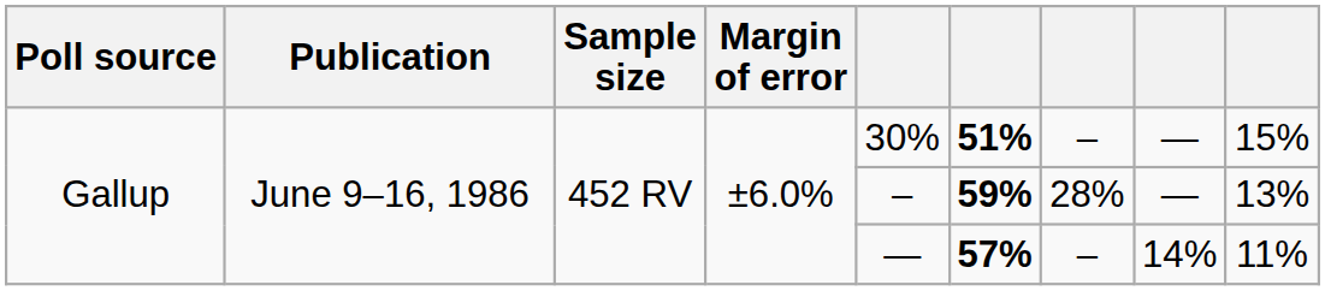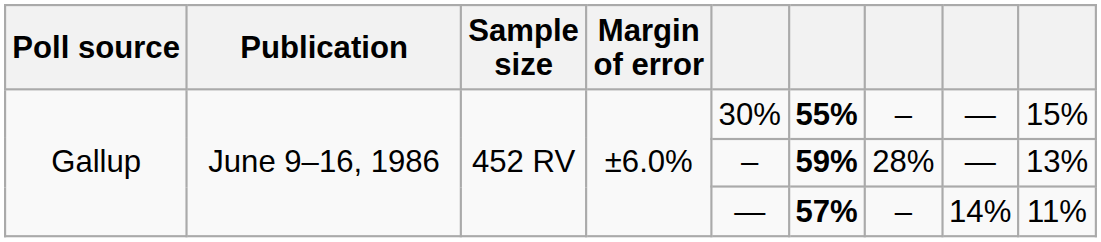 <table class="wikitable" style="font-size:90%;text-align:center;">
 <tr>
 <th>Poll source</th>
 <th style="width:120px;">Publication</th>
 <th>Sample<br>size</th>
 <th>Margin<br>of error</th>
 <th></th>
 <th></th>
 <th></th>
 <th></th>
 <th></th>
 </tr>
 <tr>
 <td rowspan="3">Gallup</td>
 <td rowspan="3">June 9–16, 1986</td>
 <td rowspan="3">452 RV</td>
 <td rowspan="3">±6.0%</td>
 <td>30%</td>
-<td><strong>51%</strong></td>
+<td><strong>55%</strong></td>
 <td>–</td>
 <td>—</td>
 <td>15%</td>
 </tr>
 <tr>
 <td>–</td>
 <td><strong>59%</strong></td>
 <td>28%</td>
 <td>—</td>
 <td>13%</td>
 </tr>
 <tr>
 <td>—</td>
 <td><strong>57%</strong></td>
 <td>–</td>
 <td>14%</td>
 <td>11%</td>
 </tr>
 </table>
